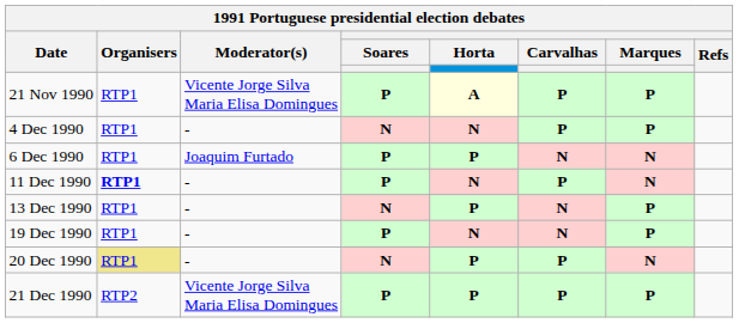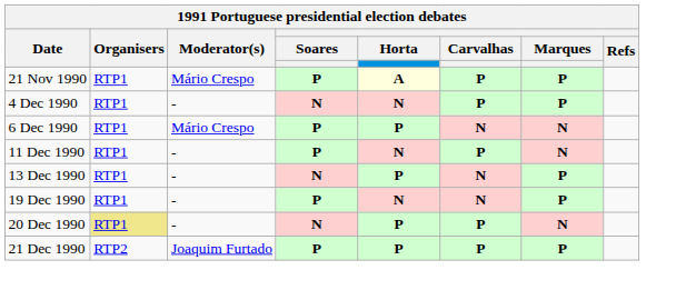 <table class="wikitable" style="font-size:98%; text-align:center;">
 <tr>
 <th colspan="21">1991 Portuguese presidential election debates</th>
 </tr>
 <tr>
 <th rowspan="3">Date</th>
 <th rowspan="3">Organisers</th>
 <th rowspan="3">Moderator(s)</th>
 <th colspan="18">      </th>
 </tr>
 <tr>
 <th scope="col" style="width:5em;">Soares</th>
 <th scope="col" style="width:5em;">Horta</th>
 <th scope="col" style="width:5em;">Carvalhas</th>
 <th scope="col" style="width:5em;">Marques</th>
 <th rowspan="2">Refs</th>
 </tr>
 <tr>
 <th style="background:"></th>
 <th style="background:#0093DD;"></th>
 <th style="background:"></th>
 <th style="background:"></th>
 </tr>
 <tr>
 <td style="white-space:nowrap; text-align:left;">21 Nov 1990</td>
 <td style="white-space:nowrap; text-align:left;"><a href='#'>RTP1</a></td>
-<td style="white-space:nowrap; text-align:left;"><a href='#'>Vicente Jorge Silva</a><br><a href='#'>Maria Elisa Domingues</a></td>
+<td style="white-space:nowrap; text-align:left;"><a href='#'>Mário Crespo</a></td>
 <td style="background:#D0FFD0;"><strong>P</strong></td>
 <td style="background:#ffffdd;"><strong>A</strong></td>
 <td style="background:#D0FFD0;"><strong>P</strong></td>
 <td style="background:#D0FFD0;"><strong>P</strong></td>
 <td></td>
 </tr>
 <tr>
 <td style="white-space:nowrap; text-align:left;">4 Dec 1990</td>
 <td style="white-space:nowrap; text-align:left;"><a href='#'>RTP1</a></td>
 <td style="white-space:nowrap; text-align:left;">-</td>
 <td style="background:#FFD0D0;"><strong>N</strong></td>
 <td style="background:#FFD0D0;"><strong>N</strong></td>
 <td style="background:#D0FFD0;"><strong>P</strong></td>
 <td style="background:#D0FFD0;"><strong>P</strong></td>
 <td></td>
 </tr>
 <tr>
 <td style="white-space:nowrap; text-align:left;">6 Dec 1990</td>
 <td style="white-space:nowrap; text-align:left;"><a href='#'>RTP1</a></td>
-<td style="white-space:nowrap; text-align:left;"><a href='#'>Joaquim Furtado</a></td>
+<td style="white-space:nowrap; text-align:left;"><a href='#'>Mário Crespo</a></td>
 <td style="background:#D0FFD0;"><strong>P</strong></td>
 <td style="background:#D0FFD0;"><strong>P</strong></td>
 <td style="background:#FFD0D0;"><strong>N</strong></td>
 <td style="background:#FFD0D0;"><strong>N</strong></td>
 <td></td>
 </tr>
 <tr>
 <td style="white-space:nowrap; text-align:left;">11 Dec 1990</td>
-<td style="white-space:nowrap; text-align:left;"><strong><a href='#'>RTP1</a></strong></td>
+<td style="white-space:nowrap; text-align:left;"><a href='#'>RTP1</a></td>
 <td style="white-space:nowrap; text-align:left;">-</td>
 <td style="background:#D0FFD0;"><strong>P</strong></td>
 <td style="background:#FFD0D0;"><strong>N</strong></td>
 <td style="background:#D0FFD0;"><strong>P</strong></td>
 <td style="background:#FFD0D0;"><strong>N</strong></td>
 <td></td>
 </tr>
 <tr>
 <td style="white-space:nowrap; text-align:left;">13 Dec 1990</td>
 <td style="white-space:nowrap; text-align:left;"><a href='#'>RTP1</a></td>
 <td style="white-space:nowrap; text-align:left;">-</td>
 <td style="background:#FFD0D0;"><strong>N</strong></td>
 <td style="background:#D0FFD0;"><strong>P</strong></td>
 <td style="background:#FFD0D0;"><strong>N</strong></td>
 <td style="background:#D0FFD0;"><strong>P</strong></td>
 <td></td>
 </tr>
 <tr>
 <td style="white-space:nowrap; text-align:left;">19 Dec 1990</td>
 <td style="white-space:nowrap; text-align:left;"><a href='#'>RTP1</a></td>
 <td style="white-space:nowrap; text-align:left;">-</td>
 <td style="background:#D0FFD0;"><strong>P</strong></td>
 <td style="background:#FFD0D0;"><strong>N</strong></td>
 <td style="background:#FFD0D0;"><strong>N</strong></td>
 <td style="background:#D0FFD0;"><strong>P</strong></td>
 <td></td>
 </tr>
 <tr>
 <td style="white-space:nowrap; text-align:left;">20 Dec 1990</td>
 <td style="background: khaki; white-space:nowrap; text-align:left;"><a href='#'>RTP1</a></td>
 <td style="white-space:nowrap; text-align:left;">-</td>
 <td style="background:#FFD0D0;"><strong>N</strong></td>
 <td style="background:#D0FFD0;"><strong>P</strong></td>
 <td style="background:#D0FFD0;"><strong>P</strong></td>
 <td style="background:#FFD0D0;"><strong>N</strong></td>
 <td></td>
 </tr>
 <tr>
 <td style="white-space:nowrap; text-align:left;">21 Dec 1990</td>
 <td style="white-space:nowrap; text-align:left;"><a href='#'>RTP2</a></td>
-<td style="white-space:nowrap; text-align:left;"><a href='#'>Vicente Jorge Silva</a><br><a href='#'>Maria Elisa Domingues</a></td>
+<td style="white-space:nowrap; text-align:left;"><a href='#'>Joaquim Furtado</a></td>
 <td style="background:#D0FFD0;"><strong>P</strong></td>
 <td style="background:#D0FFD0;"><strong>P</strong></td>
 <td style="background:#D0FFD0;"><strong>P</strong></td>
 <td style="background:#D0FFD0;"><strong>P</strong></td>
 <td></td>
 </tr>
 </table>
